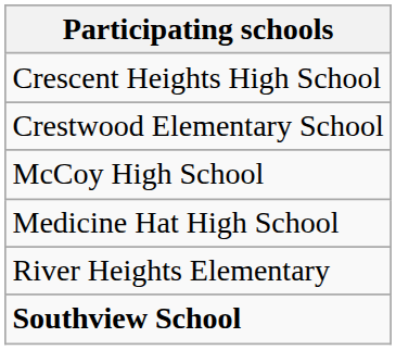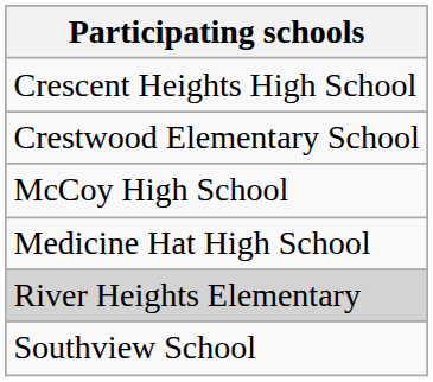 <table class="wikitable" align=right>
 <tr>
 <th>Participating schools</th>
 </tr>
 <tr>
 <td>Crescent Heights High School</td>
 </tr>
 <tr>
 <td>Crestwood Elementary School</td>
 </tr>
 <tr>
 <td>McCoy High School</td>
 </tr>
 <tr>
 <td>Medicine Hat High School</td>
 </tr>
 <tr>
-<td>River Heights Elementary</td>
+<td style="background: lightgrey;">River Heights Elementary</td>
 </tr>
 <tr>
-<td><strong>Southview School</strong></td>
+<td>Southview School</td>
 </tr>
 </table>
